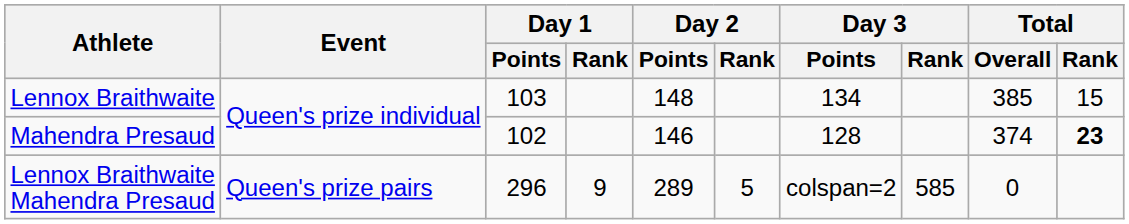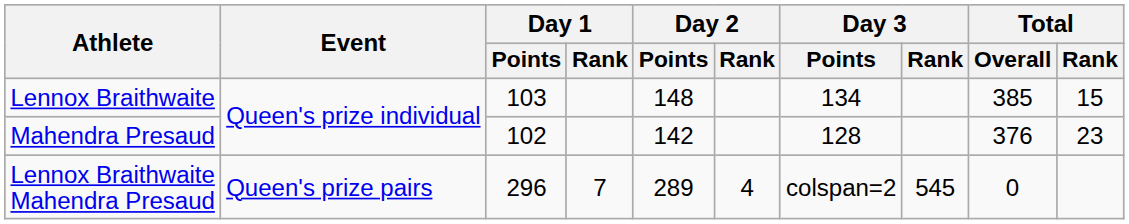 <table class="wikitable" style="font-size:90%">
 <tr>
 <th rowspan=2>Athlete</th>
 <th rowspan=2>Event</th>
 <th colspan=2>Day 1</th>
 <th colspan=2>Day 2</th>
 <th colspan=2>Day 3</th>
 <th colspan=2>Total</th>
 </tr>
 <tr style="font-size:95%">
 <th>Points</th>
 <th>Rank</th>
 <th>Points</th>
 <th>Rank</th>
 <th>Points</th>
 <th>Rank</th>
 <th>Overall</th>
 <th>Rank</th>
 </tr>
 <tr align=center>
 <td align=left><a href='#'>Lennox Braithwaite</a></td>
 <td align=left rowspan="2"><a href='#'>Queen's prize individual</a></td>
 <td>103</td>
 <td></td>
 <td>148</td>
 <td></td>
 <td>134</td>
 <td></td>
 <td>385</td>
 <td>15</td>
 </tr>
 <tr align=center>
 <td align=left><a href='#'>Mahendra Presaud</a></td>
 <td>102</td>
 <td></td>
-<td>146</td>
+<td>142</td>
 <td></td>
 <td>128</td>
 <td></td>
-<td>374</td>
-<td><strong>23</strong></td>
+<td>376</td>
+<td>23</td>
 </tr>
 <tr align=center>
 <td align=left><a href='#'>Lennox Braithwaite</a><br><a href='#'>Mahendra Presaud</a></td>
 <td align=left><a href='#'>Queen's prize pairs</a></td>
 <td>296</td>
-<td>9</td>
+<td>7</td>
 <td>289</td>
-<td>5</td>
+<td>4</td>
 <td>colspan=2 </td>
-<td>585</td>
+<td>545</td>
 <td>0</td>
 </tr>
 </table>
